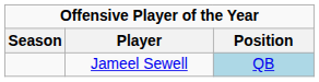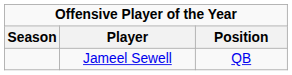 <table class="wikitable sortable" style="text-align:center">
 <tr>
 <td colspan="4"><strong>Offensive Player of the Year</strong></td>
 </tr>
 <tr>
 <th style="width:50px; ">Season</th>
 <th style="width:150px; ">Player</th>
 <th style="width:100px; ">Position</th>
 </tr>
 <tr>
 <td></td>
 <td><a href='#'>Jameel Sewell</a></td>
-<td style="background: lightblue;"><a href='#'>QB</a></td>
+<td><a href='#'>QB</a></td>
 </tr>
 </table>
